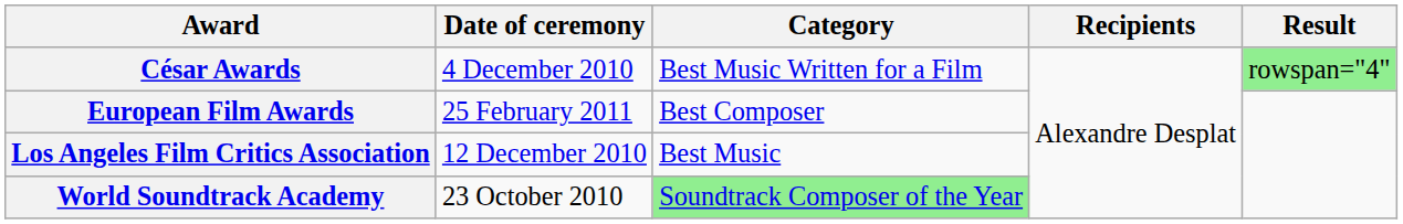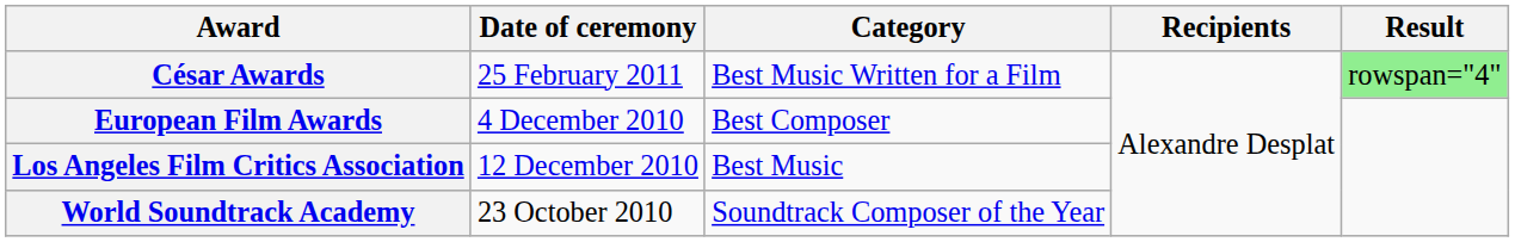 <table class="wikitable plainrowheaders sortable">
 <tr>
 <th scope="col">Award</th>
 <th scope="col">Date of ceremony</th>
 <th scope="col">Category</th>
 <th scope="col">Recipients</th>
 <th scope="col">Result</th>
 </tr>
 <tr>
 <th scope="row"><a href='#'>César Awards</a></th>
-<td><a href='#'>4 December 2010</a></td>
+<td><a href='#'>25 February 2011</a></td>
 <td><a href='#'>Best Music Written for a Film</a></td>
 <td rowspan="4">Alexandre Desplat</td>
 <td style="background: lightgreen;">rowspan="4" </td>
 </tr>
 <tr>
 <th scope="row"><a href='#'>European Film Awards</a></th>
-<td><a href='#'>25 February 2011</a></td>
+<td><a href='#'>4 December 2010</a></td>
 <td><a href='#'>Best Composer</a></td>
 </tr>
 <tr>
 <th scope="row"><a href='#'>Los Angeles Film Critics Association</a></th>
 <td><a href='#'>12 December 2010</a></td>
 <td><a href='#'>Best Music</a></td>
 </tr>
 <tr>
 <th scope="row"><a href='#'>World Soundtrack Academy</a></th>
 <td>23 October 2010</td>
-<td style="background: lightgreen;"><a href='#'>Soundtrack Composer of the Year</a></td>
+<td><a href='#'>Soundtrack Composer of the Year</a></td>
 </tr>
 </table>
